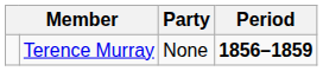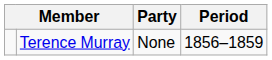 <table class="wikitable">
 <tr>
 <th colspan="2">Member</th>
 <th>Party</th>
 <th>Period</th>
 </tr>
 <tr>
 <td> </td>
 <td><a href='#'>Terence Murray</a></td>
 <td>None</td>
-<td><strong>1856–1859</strong></td>
+<td>1856–1859</td>
 </tr>
 </table>
